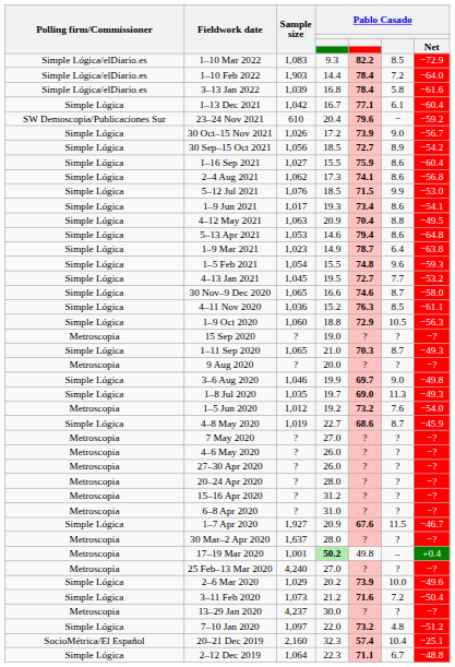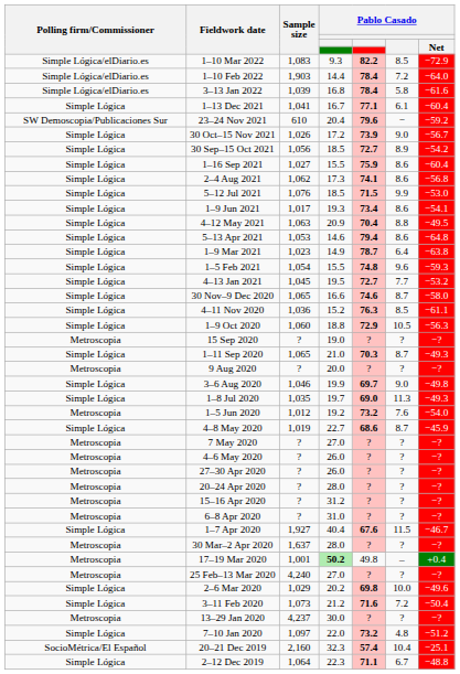 <table class="wikitable collapsible collapsed" style="text-align:center; font-size:90%; line-height:14px;">
 <tr style="height:42px;">
 <th style="width:250px;" rowspan="4">Polling firm/Commissioner</th>
 <th style="width:125px;" rowspan="4">Fieldwork date</th>
 <th style="width:50px;" rowspan="4">Sample size</th>
 <th style="width:185px;" colspan="4"><a href='#'>Pablo Casado</a><br></th>
 </tr>
 <tr>
 <th colspan="4" style="background:"></th>
 </tr>
 <tr>
 <th style="width:30px;"></th>
 <th style="width:30px;"></th>
 <th style="width:30px;" rowspan="2"></th>
 <th style="width:30px;" rowspan="2">Net</th>
 </tr>
 <tr>
 <th style="color:inherit;background:#008000;"></th>
 <th style="color:inherit;background:#FF0000;"></th>
 </tr>
 <tr>
 <td>Simple Lógica/elDiario.es</td>
 <td>1–10 Mar 2022</td>
 <td>1,083</td>
 <td>9.3</td>
 <td style="background:#FFC2C1;"><strong>82.2</strong></td>
 <td>8.5</td>
 <td style="background:#FF0000; color:white;">−72.9</td>
 </tr>
 <tr>
 <td>Simple Lógica/elDiario.es</td>
 <td>1–10 Feb 2022</td>
 <td>1,903</td>
 <td>14.4</td>
 <td style="background:#FFC2C1;"><strong>78.4</strong></td>
 <td>7.2</td>
 <td style="background:#FF0000; color:white;">−64.0</td>
 </tr>
 <tr>
 <td>Simple Lógica/elDiario.es</td>
 <td>3–13 Jan 2022</td>
 <td>1,039</td>
 <td>16.8</td>
 <td style="background:#FFC2C1;"><strong>78.4</strong></td>
 <td>5.8</td>
 <td style="background:#FF0000; color:white;">−61.6</td>
 </tr>
 <tr>
 <td>Simple Lógica</td>
 <td>1–13 Dec 2021</td>
-<td>1,042</td>
+<td>1,041</td>
 <td>16.7</td>
 <td style="background:#FFC2C1;"><strong>77.1</strong></td>
 <td>6.1</td>
 <td style="background:#FF0000; color:white;">−60.4</td>
 </tr>
 <tr>
 <td>SW Demoscopia/Publicaciones Sur</td>
 <td>23–24 Nov 2021</td>
 <td>610</td>
 <td>20.4</td>
 <td style="background:#FFC2C1;"><strong>79.6</strong></td>
 <td>−</td>
 <td style="background:#FF0000; color:white;">−59.2</td>
 </tr>
 <tr>
 <td>Simple Lógica</td>
 <td>30 Oct–15 Nov 2021</td>
 <td>1,026</td>
 <td>17.2</td>
 <td style="background:#FFC2C1;"><strong>73.9</strong></td>
 <td>9.0</td>
 <td style="background:#FF0000; color:white;">−56.7</td>
 </tr>
 <tr>
 <td>Simple Lógica</td>
 <td>30 Sep–15 Oct 2021</td>
 <td>1,056</td>
 <td>18.5</td>
 <td style="background:#FFC2C1;"><strong>72.7</strong></td>
 <td>8.9</td>
 <td style="background:#FF0000; color:white;">−54.2</td>
 </tr>
 <tr>
 <td>Simple Lógica</td>
 <td>1–16 Sep 2021</td>
 <td>1,027</td>
 <td>15.5</td>
 <td style="background:#FFC2C1;"><strong>75.9</strong></td>
 <td>8.6</td>
 <td style="background:#FF0000; color:white;">−60.4</td>
 </tr>
 <tr>
 <td>Simple Lógica</td>
 <td>2–4 Aug 2021</td>
 <td>1,062</td>
 <td>17.3</td>
 <td style="background:#FFC2C1;"><strong>74.1</strong></td>
 <td>8.6</td>
 <td style="background:#FF0000; color:white;">−56.8</td>
 </tr>
 <tr>
 <td>Simple Lógica</td>
 <td>5–12 Jul 2021</td>
 <td>1,076</td>
 <td>18.5</td>
 <td style="background:#FFC2C1;"><strong>71.5</strong></td>
 <td>9.9</td>
 <td style="background:#FF0000; color:white;">−53.0</td>
 </tr>
 <tr>
 <td>Simple Lógica</td>
 <td>1–9 Jun 2021</td>
 <td>1,017</td>
 <td>19.3</td>
 <td style="background:#FFC2C1;"><strong>73.4</strong></td>
 <td>8.6</td>
 <td style="background:#FF0000; color:white;">−54.1</td>
 </tr>
 <tr>
 <td>Simple Lógica</td>
 <td>4–12 May 2021</td>
 <td>1,063</td>
 <td>20.9</td>
 <td style="background:#FFC2C1;"><strong>70.4</strong></td>
 <td>8.8</td>
 <td style="background:#FF0000; color:white;">−49.5</td>
 </tr>
 <tr>
 <td>Simple Lógica</td>
 <td>5–13 Apr 2021</td>
 <td>1,053</td>
 <td>14.6</td>
 <td style="background:#FFC2C1;"><strong>79.4</strong></td>
 <td>8.6</td>
 <td style="background:#FF0000; color:white;">−64.8</td>
 </tr>
 <tr>
 <td>Simple Lógica</td>
 <td>1–9 Mar 2021</td>
 <td>1,023</td>
 <td>14.9</td>
 <td style="background:#FFC2C1;"><strong>78.7</strong></td>
 <td>6.4</td>
 <td style="background:#FF0000; color:white;">−63.8</td>
 </tr>
 <tr>
 <td>Simple Lógica</td>
 <td>1–5 Feb 2021</td>
 <td>1,054</td>
 <td>15.5</td>
 <td style="background:#FFC2C1;"><strong>74.8</strong></td>
 <td>9.6</td>
 <td style="background:#FF0000; color:white;">−59.3</td>
 </tr>
 <tr>
 <td>Simple Lógica</td>
 <td>4–13 Jan 2021</td>
 <td>1,045</td>
 <td>19.5</td>
 <td style="background:#FFC2C1;"><strong>72.7</strong></td>
 <td>7.7</td>
 <td style="background:#FF0000; color:white;">−53.2</td>
 </tr>
 <tr>
 <td>Simple Lógica</td>
 <td>30 Nov–9 Dec 2020</td>
 <td>1,065</td>
 <td>16.6</td>
 <td style="background:#FFC2C1;"><strong>74.6</strong></td>
 <td>8.7</td>
 <td style="background:#FF0000; color:white;">−58.0</td>
 </tr>
 <tr>
 <td>Simple Lógica</td>
 <td>4–11 Nov 2020</td>
 <td>1,036</td>
 <td>15.2</td>
 <td style="background:#FFC2C1;"><strong>76.3</strong></td>
 <td>8.5</td>
 <td style="background:#FF0000; color:white;">−61.1</td>
 </tr>
 <tr>
 <td>Simple Lógica</td>
 <td>1–9 Oct 2020</td>
 <td>1,060</td>
 <td>18.8</td>
 <td style="background:#FFC2C1;"><strong>72.9</strong></td>
 <td>10.5</td>
 <td style="background:#FF0000; color:white;">−56.3</td>
 </tr>
 <tr>
 <td>Metroscopia</td>
 <td>15 Sep 2020</td>
 <td>?</td>
 <td>19.0</td>
 <td style="background:#FFC2C1;">?</td>
 <td>?</td>
 <td style="background:#FF0000; color:white;">−?</td>
 </tr>
 <tr>
 <td>Simple Lógica</td>
 <td>1–11 Sep 2020</td>
 <td>1,065</td>
 <td>21.0</td>
 <td style="background:#FFC2C1;"><strong>70.3</strong></td>
 <td>8.7</td>
 <td style="background:#FF0000; color:white;">−49.3</td>
 </tr>
 <tr>
 <td>Metroscopia</td>
 <td>9 Aug 2020</td>
 <td>?</td>
 <td>20.0</td>
 <td style="background:#FFC2C1;">?</td>
 <td>?</td>
 <td style="background:#FF0000; color:white;">−?</td>
 </tr>
 <tr>
 <td>Simple Lógica</td>
 <td>3–6 Aug 2020</td>
 <td>1,046</td>
 <td>19.9</td>
 <td style="background:#FFC2C1;"><strong>69.7</strong></td>
 <td>9.0</td>
 <td style="background:#FF0000; color:white;">−49.8</td>
 </tr>
 <tr>
 <td>Simple Lógica</td>
 <td>1–8 Jul 2020</td>
 <td>1,035</td>
 <td>19.7</td>
 <td style="background:#FFC2C1;"><strong>69.0</strong></td>
 <td>11.3</td>
 <td style="background:#FF0000; color:white;">−49.3</td>
 </tr>
 <tr>
 <td>Metroscopia</td>
 <td>1–5 Jun 2020</td>
 <td>1,012</td>
 <td>19.2</td>
 <td style="background:#FFC2C1;"><strong>73.2</strong></td>
 <td>7.6</td>
 <td style="background:#FF0000; color:white;">−54.0</td>
 </tr>
 <tr>
 <td>Simple Lógica</td>
 <td>4–8 May 2020</td>
 <td>1,019</td>
 <td>22.7</td>
 <td style="background:#FFC2C1;"><strong>68.6</strong></td>
 <td>8.7</td>
 <td style="background:#FF0000; color:white;">−45.9</td>
 </tr>
 <tr>
 <td>Metroscopia</td>
 <td>7 May 2020</td>
 <td>?</td>
 <td>27.0</td>
 <td style="background:#FFC2C1;">?</td>
 <td>?</td>
 <td style="background:#FF0000; color:white;">−?</td>
 </tr>
 <tr>
 <td>Metroscopia</td>
 <td>4–6 May 2020</td>
 <td>?</td>
 <td>26.0</td>
 <td style="background:#FFC2C1;">?</td>
 <td>?</td>
 <td style="background:#FF0000; color:white;">−?</td>
 </tr>
 <tr>
 <td>Metroscopia</td>
 <td>27–30 Apr 2020</td>
 <td>?</td>
 <td>26.0</td>
 <td style="background:#FFC2C1;">?</td>
 <td>?</td>
 <td style="background:#FF0000; color:white;">−?</td>
 </tr>
 <tr>
 <td>Metroscopia</td>
 <td>20–24 Apr 2020</td>
 <td>?</td>
 <td>28.0</td>
 <td style="background:#FFC2C1;">?</td>
 <td>?</td>
 <td style="background:#FF0000; color:white;">−?</td>
 </tr>
 <tr>
 <td>Metroscopia</td>
 <td>15–16 Apr 2020</td>
 <td>?</td>
 <td>31.2</td>
 <td style="background:#FFC2C1;">?</td>
 <td>?</td>
 <td style="background:#FF0000; color:white;">−?</td>
 </tr>
 <tr>
 <td>Metroscopia</td>
 <td>6–8 Apr 2020</td>
 <td>?</td>
 <td>31.0</td>
 <td style="background:#FFC2C1;">?</td>
 <td>?</td>
 <td style="background:#FF0000; color:white;">−?</td>
 </tr>
 <tr>
 <td>Simple Lógica</td>
 <td>1–7 Apr 2020</td>
 <td>1,927</td>
-<td>20.9</td>
+<td>40.4</td>
 <td style="background:#FFC2C1;"><strong>67.6</strong></td>
 <td>11.5</td>
 <td style="background:#FF0000; color:white;">−46.7</td>
 </tr>
 <tr>
 <td>Metroscopia</td>
 <td>30 Mar–2 Apr 2020</td>
 <td>1,637</td>
 <td>28.0</td>
 <td style="background:#FFC2C1;">?</td>
 <td>?</td>
 <td style="background:#FF0000; color:white;">−?</td>
 </tr>
 <tr>
 <td>Metroscopia</td>
 <td>17–19 Mar 2020</td>
 <td>1,001</td>
 <td style="background:#B0ECB0;"><strong>50.2</strong></td>
 <td>49.8</td>
 <td>–</td>
 <td style="background:#008000; color:white;">+0.4</td>
 </tr>
 <tr>
 <td>Metroscopia</td>
 <td>25 Feb–13 Mar 2020</td>
 <td>4,240</td>
 <td>27.0</td>
 <td style="background:#FFC2C1;">?</td>
 <td>?</td>
 <td style="background:#FF0000; color:white;">−?</td>
 </tr>
 <tr>
 <td>Simple Lógica</td>
 <td>2–6 Mar 2020</td>
 <td>1,029</td>
 <td>20.2</td>
-<td style="background:#FFC2C1;"><strong>73.9</strong></td>
+<td style="background:#FFC2C1;"><strong>69.8</strong></td>
 <td>10.0</td>
 <td style="background:#FF0000; color:white;">−49.6</td>
 </tr>
 <tr>
 <td>Simple Lógica</td>
 <td>3–11 Feb 2020</td>
 <td>1,073</td>
 <td>21.2</td>
 <td style="background:#FFC2C1;"><strong>71.6</strong></td>
 <td>7.2</td>
 <td style="background:#FF0000; color:white;">−50.4</td>
 </tr>
 <tr>
 <td>Metroscopia</td>
 <td>13–29 Jan 2020</td>
 <td>4,237</td>
 <td>30.0</td>
 <td style="background:#FFC2C1;">?</td>
 <td>?</td>
 <td style="background:#FF0000; color:white;">−?</td>
 </tr>
 <tr>
 <td>Simple Lógica</td>
 <td>7–10 Jan 2020</td>
 <td>1,097</td>
 <td>22.0</td>
 <td style="background:#FFC2C1;"><strong>73.2</strong></td>
 <td>4.8</td>
 <td style="background:#FF0000; color:white;">−51.2</td>
 </tr>
 <tr>
 <td>SocioMétrica/El Español</td>
 <td>20–21 Dec 2019</td>
 <td>2,160</td>
 <td>32.3</td>
 <td style="background:#FFC2C1;"><strong>57.4</strong></td>
 <td>10.4</td>
 <td style="background:#FF0000; color:white;">−25.1</td>
 </tr>
 <tr>
 <td>Simple Lógica</td>
 <td>2–12 Dec 2019</td>
 <td>1,064</td>
 <td>22.3</td>
 <td style="background:#FFC2C1;"><strong>71.1</strong></td>
 <td>6.7</td>
 <td style="background:#FF0000; color:white;">−48.8</td>
 </tr>
 </table>
